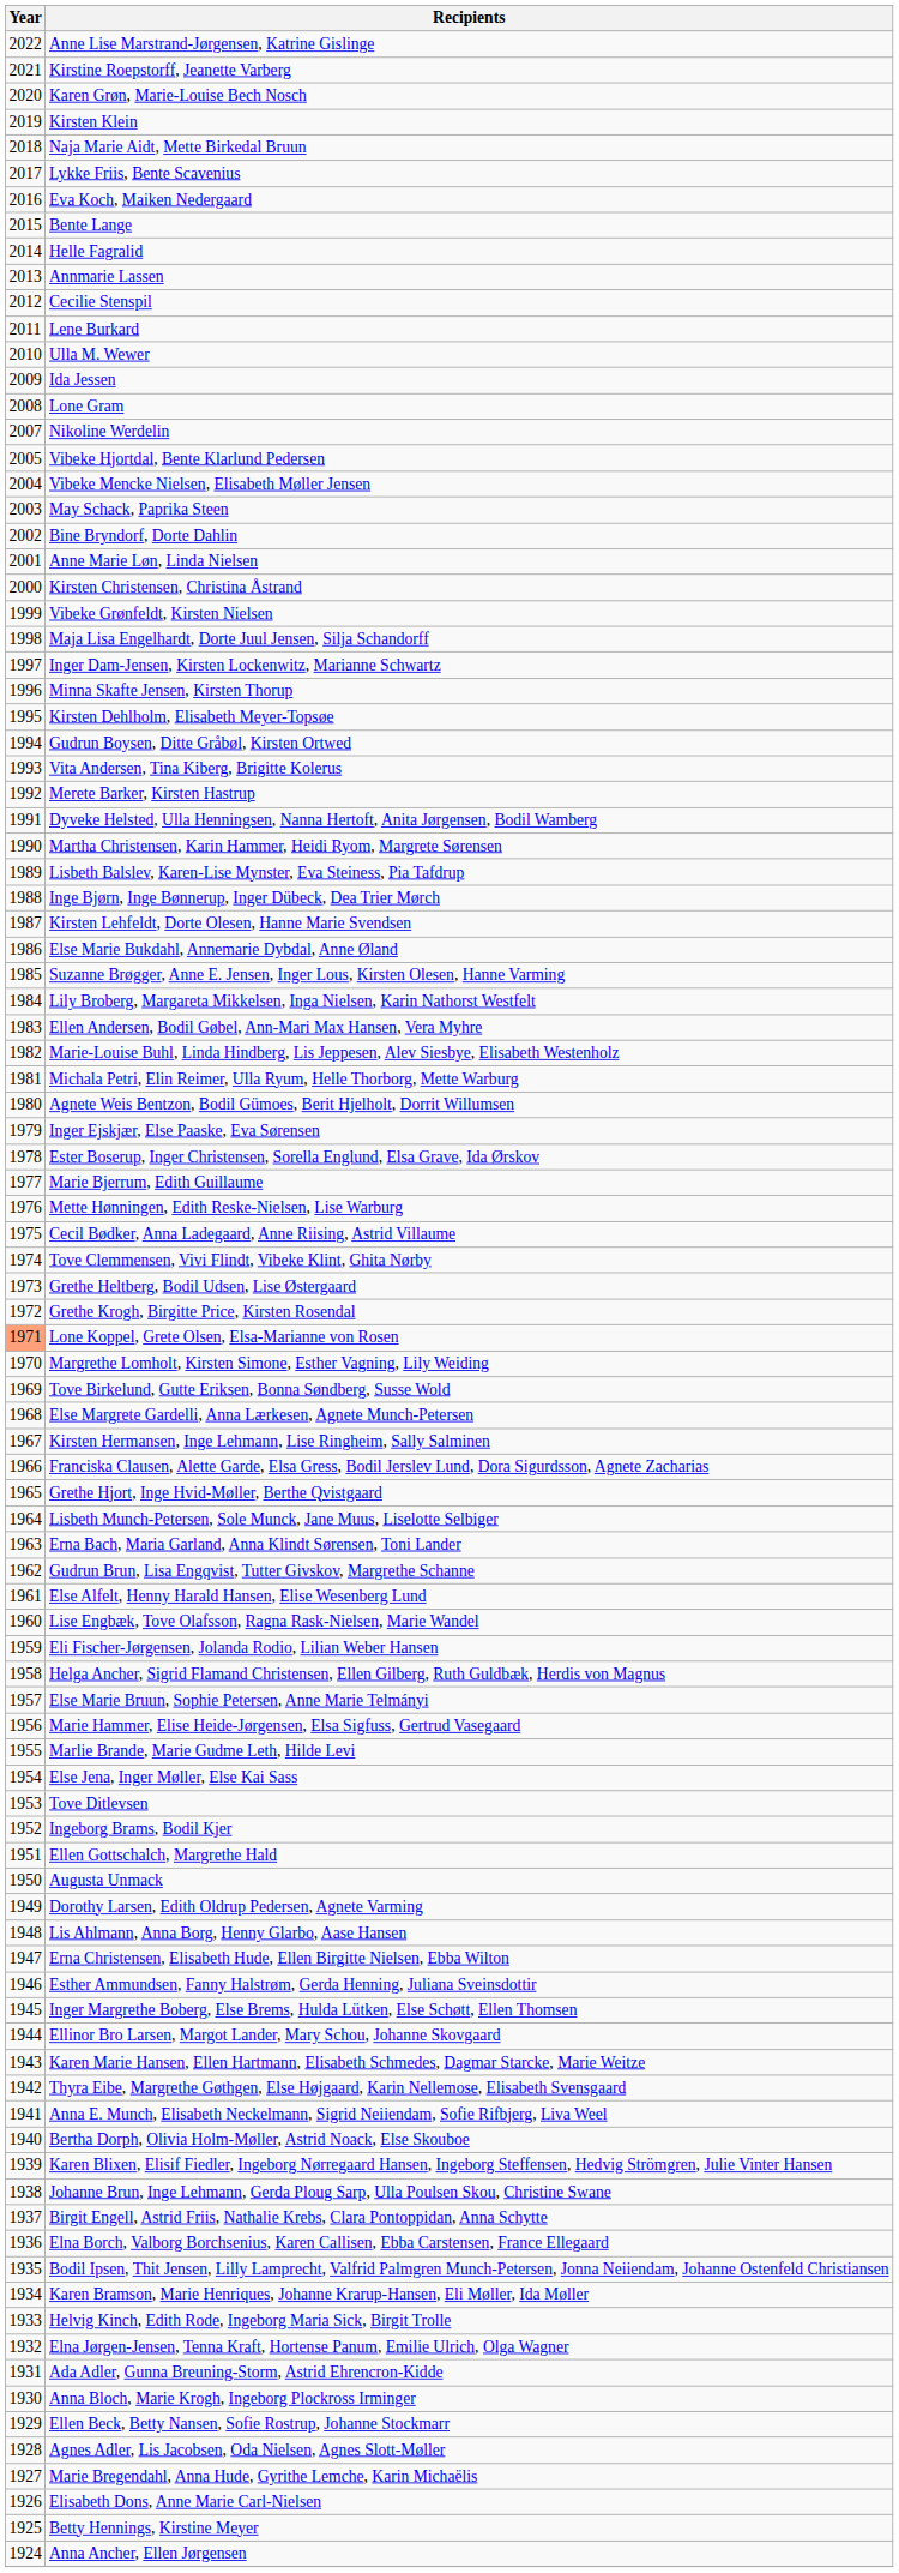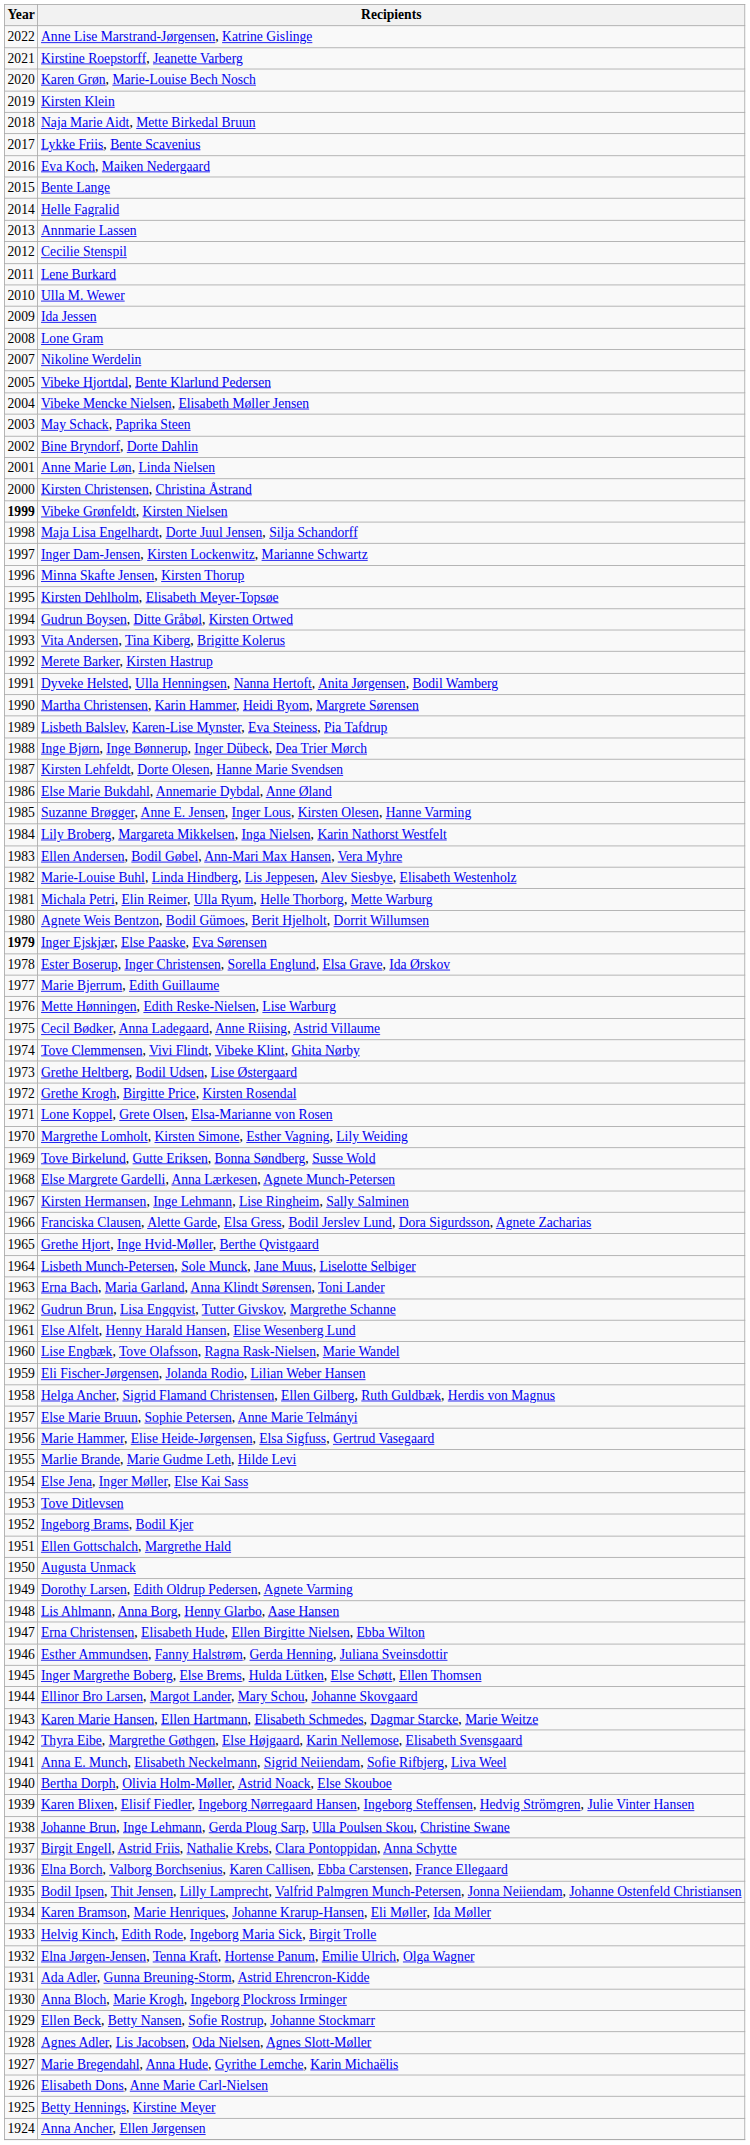 <table class="wikitable">
 <tr>
 <th>Year</th>
 <th>Recipients</th>
 </tr>
 <tr>
 <td>2022</td>
 <td><a href='#'>Anne Lise Marstrand-Jørgensen</a>, <a href='#'>Katrine Gislinge</a></td>
 </tr>
 <tr>
 <td>2021</td>
 <td><a href='#'>Kirstine Roepstorff</a>, <a href='#'>Jeanette Varberg</a></td>
 </tr>
 <tr>
 <td>2020</td>
 <td><a href='#'>Karen Grøn</a>, <a href='#'>Marie-Louise Bech Nosch</a></td>
 </tr>
 <tr>
 <td>2019</td>
 <td><a href='#'>Kirsten Klein</a></td>
 </tr>
 <tr>
 <td>2018</td>
 <td><a href='#'>Naja Marie Aidt</a>, <a href='#'>Mette Birkedal Bruun</a></td>
 </tr>
 <tr>
 <td>2017</td>
 <td><a href='#'>Lykke Friis</a>, <a href='#'>Bente Scavenius</a></td>
 </tr>
 <tr>
 <td>2016</td>
 <td><a href='#'>Eva Koch</a>, <a href='#'>Maiken Nedergaard</a></td>
 </tr>
 <tr>
 <td>2015</td>
 <td><a href='#'>Bente Lange</a></td>
 </tr>
 <tr>
 <td>2014</td>
 <td><a href='#'>Helle Fagralid</a></td>
 </tr>
 <tr>
 <td>2013</td>
 <td><a href='#'>Annmarie Lassen</a></td>
 </tr>
 <tr>
 <td>2012</td>
 <td><a href='#'>Cecilie Stenspil</a></td>
 </tr>
 <tr>
 <td>2011</td>
 <td><a href='#'>Lene Burkard</a></td>
 </tr>
 <tr>
 <td>2010</td>
 <td><a href='#'>Ulla M. Wewer</a></td>
 </tr>
 <tr>
 <td>2009</td>
 <td><a href='#'>Ida Jessen</a></td>
 </tr>
 <tr>
 <td>2008</td>
 <td><a href='#'>Lone Gram</a></td>
 </tr>
 <tr>
 <td>2007</td>
 <td><a href='#'>Nikoline Werdelin</a></td>
 </tr>
 <tr>
 <td>2005</td>
 <td><a href='#'>Vibeke Hjortdal</a>, <a href='#'>Bente Klarlund Pedersen</a></td>
 </tr>
 <tr>
 <td>2004</td>
 <td><a href='#'>Vibeke Mencke Nielsen</a>, <a href='#'>Elisabeth Møller Jensen</a></td>
 </tr>
 <tr>
 <td>2003</td>
 <td><a href='#'>May Schack</a>, <a href='#'>Paprika Steen</a></td>
 </tr>
 <tr>
 <td>2002</td>
 <td><a href='#'>Bine Bryndorf</a>, <a href='#'>Dorte Dahlin</a></td>
 </tr>
 <tr>
 <td>2001</td>
 <td><a href='#'>Anne Marie Løn</a>, <a href='#'>Linda Nielsen</a></td>
 </tr>
 <tr>
 <td>2000</td>
 <td><a href='#'>Kirsten Christensen</a>, <a href='#'>Christina Åstrand</a></td>
 </tr>
 <tr>
-<td>1999</td>
+<td><strong>1999</strong></td>
 <td><a href='#'>Vibeke Grønfeldt</a>, <a href='#'>Kirsten Nielsen</a></td>
 </tr>
 <tr>
 <td>1998</td>
 <td><a href='#'>Maja Lisa Engelhardt</a>, <a href='#'>Dorte Juul Jensen</a>, <a href='#'>Silja Schandorff</a></td>
 </tr>
 <tr>
 <td>1997</td>
 <td><a href='#'>Inger Dam-Jensen</a>, <a href='#'>Kirsten Lockenwitz</a>, <a href='#'>Marianne Schwartz</a></td>
 </tr>
 <tr>
 <td>1996</td>
 <td><a href='#'>Minna Skafte Jensen</a>, <a href='#'>Kirsten Thorup</a></td>
 </tr>
 <tr>
 <td>1995</td>
 <td><a href='#'>Kirsten Dehlholm</a>, <a href='#'>Elisabeth Meyer-Topsøe</a></td>
 </tr>
 <tr>
 <td>1994</td>
 <td><a href='#'>Gudrun Boysen</a>, <a href='#'>Ditte Gråbøl</a>, <a href='#'>Kirsten Ortwed</a></td>
 </tr>
 <tr>
 <td>1993</td>
 <td><a href='#'>Vita Andersen</a>, <a href='#'>Tina Kiberg</a>, <a href='#'>Brigitte Kolerus</a></td>
 </tr>
 <tr>
 <td>1992</td>
 <td><a href='#'>Merete Barker</a>, <a href='#'>Kirsten Hastrup</a></td>
 </tr>
 <tr>
 <td>1991</td>
 <td><a href='#'>Dyveke Helsted</a>, <a href='#'>Ulla Henningsen</a>, <a href='#'>Nanna Hertoft</a>, <a href='#'>Anita Jørgensen</a>, <a href='#'>Bodil Wamberg</a></td>
 </tr>
 <tr>
 <td>1990</td>
 <td><a href='#'>Martha Christensen</a>, <a href='#'>Karin Hammer</a>, <a href='#'>Heidi Ryom</a>, <a href='#'>Margrete Sørensen</a></td>
 </tr>
 <tr>
 <td>1989</td>
 <td><a href='#'>Lisbeth Balslev</a>, <a href='#'>Karen-Lise Mynster</a>, <a href='#'>Eva Steiness</a>, <a href='#'>Pia Tafdrup</a></td>
 </tr>
 <tr>
 <td>1988</td>
 <td><a href='#'>Inge Bjørn</a>, <a href='#'>Inge Bønnerup</a>, <a href='#'>Inger Dübeck</a>, <a href='#'>Dea Trier Mørch</a></td>
 </tr>
 <tr>
 <td>1987</td>
 <td><a href='#'>Kirsten Lehfeldt</a>, <a href='#'>Dorte Olesen</a>, <a href='#'>Hanne Marie Svendsen</a></td>
 </tr>
 <tr>
 <td>1986</td>
 <td><a href='#'>Else Marie Bukdahl</a>, <a href='#'>Annemarie Dybdal</a>, <a href='#'>Anne Øland</a></td>
 </tr>
 <tr>
 <td>1985</td>
 <td><a href='#'>Suzanne Brøgger</a>, <a href='#'>Anne E. Jensen</a>, <a href='#'>Inger Lous</a>, <a href='#'>Kirsten Olesen</a>, <a href='#'>Hanne Varming</a></td>
 </tr>
 <tr>
 <td>1984</td>
 <td><a href='#'>Lily Broberg</a>, <a href='#'>Margareta Mikkelsen</a>, <a href='#'>Inga Nielsen</a>, <a href='#'>Karin Nathorst Westfelt</a></td>
 </tr>
 <tr>
 <td>1983</td>
 <td><a href='#'>Ellen Andersen</a>, <a href='#'>Bodil Gøbel</a>, <a href='#'>Ann-Mari Max Hansen</a>, <a href='#'>Vera Myhre</a></td>
 </tr>
 <tr>
 <td>1982</td>
 <td><a href='#'>Marie-Louise Buhl</a>, <a href='#'>Linda Hindberg</a>, <a href='#'>Lis Jeppesen</a>, <a href='#'>Alev Siesbye</a>, <a href='#'>Elisabeth Westenholz</a></td>
 </tr>
 <tr>
 <td>1981</td>
 <td><a href='#'>Michala Petri</a>, <a href='#'>Elin Reimer</a>, <a href='#'>Ulla Ryum</a>, <a href='#'>Helle Thorborg</a>, <a href='#'>Mette Warburg</a></td>
 </tr>
 <tr>
 <td>1980</td>
 <td><a href='#'>Agnete Weis Bentzon</a>, <a href='#'>Bodil Gümoes</a>, <a href='#'>Berit Hjelholt</a>, <a href='#'>Dorrit Willumsen</a></td>
 </tr>
 <tr>
-<td>1979</td>
+<td><strong>1979</strong></td>
 <td><a href='#'>Inger Ejskjær</a>, <a href='#'>Else Paaske</a>, <a href='#'>Eva Sørensen</a></td>
 </tr>
 <tr>
 <td>1978</td>
 <td><a href='#'>Ester Boserup</a>, <a href='#'>Inger Christensen</a>, <a href='#'>Sorella Englund</a>, <a href='#'>Elsa Grave</a>, <a href='#'>Ida Ørskov</a></td>
 </tr>
 <tr>
 <td>1977</td>
 <td><a href='#'>Marie Bjerrum</a>, <a href='#'>Edith Guillaume</a></td>
 </tr>
 <tr>
 <td>1976</td>
 <td><a href='#'>Mette Hønningen</a>, <a href='#'>Edith Reske-Nielsen</a>, <a href='#'>Lise Warburg</a></td>
 </tr>
 <tr>
 <td>1975</td>
 <td><a href='#'>Cecil Bødker</a>, <a href='#'>Anna Ladegaard</a>, <a href='#'>Anne Riising</a>, <a href='#'>Astrid Villaume</a></td>
 </tr>
 <tr>
 <td>1974</td>
 <td><a href='#'>Tove Clemmensen</a>, <a href='#'>Vivi Flindt</a>, <a href='#'>Vibeke Klint</a>, <a href='#'>Ghita Nørby</a></td>
 </tr>
 <tr>
 <td>1973</td>
 <td><a href='#'>Grethe Heltberg</a>, <a href='#'>Bodil Udsen</a>, <a href='#'>Lise Østergaard</a></td>
 </tr>
 <tr>
 <td>1972</td>
 <td><a href='#'>Grethe Krogh</a>, <a href='#'>Birgitte Price</a>, <a href='#'>Kirsten Rosendal</a></td>
 </tr>
 <tr>
-<td style="background: lightsalmon;">1971</td>
+<td>1971</td>
 <td><a href='#'>Lone Koppel</a>, <a href='#'>Grete Olsen</a>, <a href='#'>Elsa-Marianne von Rosen</a></td>
 </tr>
 <tr>
 <td>1970</td>
 <td><a href='#'>Margrethe Lomholt</a>, <a href='#'>Kirsten Simone</a>, <a href='#'>Esther Vagning</a>, <a href='#'>Lily Weiding</a></td>
 </tr>
 <tr>
 <td>1969</td>
 <td><a href='#'>Tove Birkelund</a>, <a href='#'>Gutte Eriksen</a>, <a href='#'>Bonna Søndberg</a>, <a href='#'>Susse Wold</a></td>
 </tr>
 <tr>
 <td>1968</td>
 <td><a href='#'>Else Margrete Gardelli</a>, <a href='#'>Anna Lærkesen</a>, <a href='#'>Agnete Munch-Petersen</a></td>
 </tr>
 <tr>
 <td>1967</td>
 <td><a href='#'>Kirsten Hermansen</a>, <a href='#'>Inge Lehmann</a>, <a href='#'>Lise Ringheim</a>, <a href='#'>Sally Salminen</a></td>
 </tr>
 <tr>
 <td>1966</td>
 <td><a href='#'>Franciska Clausen</a>, <a href='#'>Alette Garde</a>, <a href='#'>Elsa Gress</a>, <a href='#'>Bodil Jerslev Lund</a>, <a href='#'>Dora Sigurdsson</a>, <a href='#'>Agnete Zacharias</a></td>
 </tr>
 <tr>
 <td>1965</td>
 <td><a href='#'>Grethe Hjort</a>, <a href='#'>Inge Hvid-Møller</a>, <a href='#'>Berthe Qvistgaard</a></td>
 </tr>
 <tr>
 <td>1964</td>
 <td><a href='#'>Lisbeth Munch-Petersen</a>, <a href='#'>Sole Munck</a>, <a href='#'>Jane Muus</a>, <a href='#'>Liselotte Selbiger</a></td>
 </tr>
 <tr>
 <td>1963</td>
 <td><a href='#'>Erna Bach</a>, <a href='#'>Maria Garland</a>, <a href='#'>Anna Klindt Sørensen</a>, <a href='#'>Toni Lander</a></td>
 </tr>
 <tr>
 <td>1962</td>
 <td><a href='#'>Gudrun Brun</a>, <a href='#'>Lisa Engqvist</a>, <a href='#'>Tutter Givskov</a>, <a href='#'>Margrethe Schanne</a></td>
 </tr>
 <tr>
 <td>1961</td>
 <td><a href='#'>Else Alfelt</a>, <a href='#'>Henny Harald Hansen</a>, <a href='#'>Elise Wesenberg Lund</a></td>
 </tr>
 <tr>
 <td>1960</td>
 <td><a href='#'>Lise Engbæk</a>, <a href='#'>Tove Olafsson</a>, <a href='#'>Ragna Rask-Nielsen</a>, <a href='#'>Marie Wandel</a></td>
 </tr>
 <tr>
 <td>1959</td>
 <td><a href='#'>Eli Fischer-Jørgensen</a>, <a href='#'>Jolanda Rodio</a>, <a href='#'>Lilian Weber Hansen</a></td>
 </tr>
 <tr>
 <td>1958</td>
 <td><a href='#'>Helga Ancher</a>, <a href='#'>Sigrid Flamand Christensen</a>, <a href='#'>Ellen Gilberg</a>, <a href='#'>Ruth Guldbæk</a>, <a href='#'>Herdis von Magnus</a></td>
 </tr>
 <tr>
 <td>1957</td>
 <td><a href='#'>Else Marie Bruun</a>, <a href='#'>Sophie Petersen</a>, <a href='#'>Anne Marie Telmányi</a></td>
 </tr>
 <tr>
 <td>1956</td>
 <td><a href='#'>Marie Hammer</a>, <a href='#'>Elise Heide-Jørgensen</a>, <a href='#'>Elsa Sigfuss</a>, <a href='#'>Gertrud Vasegaard</a></td>
 </tr>
 <tr>
 <td>1955</td>
 <td><a href='#'>Marlie Brande</a>, <a href='#'>Marie Gudme Leth</a>, <a href='#'>Hilde Levi</a></td>
 </tr>
 <tr>
 <td>1954</td>
 <td><a href='#'>Else Jena</a>, <a href='#'>Inger Møller</a>, <a href='#'>Else Kai Sass</a></td>
 </tr>
 <tr>
 <td>1953</td>
 <td><a href='#'>Tove Ditlevsen</a></td>
 </tr>
 <tr>
 <td>1952</td>
 <td><a href='#'>Ingeborg Brams</a>, <a href='#'>Bodil Kjer</a></td>
 </tr>
 <tr>
 <td>1951</td>
 <td><a href='#'>Ellen Gottschalch</a>, <a href='#'>Margrethe Hald</a></td>
 </tr>
 <tr>
 <td>1950</td>
 <td><a href='#'>Augusta Unmack</a></td>
 </tr>
 <tr>
 <td>1949</td>
 <td><a href='#'>Dorothy Larsen</a>, <a href='#'>Edith Oldrup Pedersen</a>, <a href='#'>Agnete Varming</a></td>
 </tr>
 <tr>
 <td>1948</td>
 <td><a href='#'>Lis Ahlmann</a>, <a href='#'>Anna Borg</a>, <a href='#'>Henny Glarbo</a>, <a href='#'>Aase Hansen</a></td>
 </tr>
 <tr>
 <td>1947</td>
 <td><a href='#'>Erna Christensen</a>, <a href='#'>Elisabeth Hude</a>, <a href='#'>Ellen Birgitte Nielsen</a>, <a href='#'>Ebba Wilton</a></td>
 </tr>
 <tr>
 <td>1946</td>
 <td><a href='#'>Esther Ammundsen</a>, <a href='#'>Fanny Halstrøm</a>, <a href='#'>Gerda Henning</a>, <a href='#'>Juliana Sveinsdottir</a></td>
 </tr>
 <tr>
 <td>1945</td>
 <td><a href='#'>Inger Margrethe Boberg</a>, <a href='#'>Else Brems</a>, <a href='#'>Hulda Lütken</a>, <a href='#'>Else Schøtt</a>, <a href='#'>Ellen Thomsen</a></td>
 </tr>
 <tr>
 <td>1944</td>
 <td><a href='#'>Ellinor Bro Larsen</a>, <a href='#'>Margot Lander</a>, <a href='#'>Mary Schou</a>, <a href='#'>Johanne Skovgaard</a></td>
 </tr>
 <tr>
 <td>1943</td>
 <td><a href='#'>Karen Marie Hansen</a>, <a href='#'>Ellen Hartmann</a>, <a href='#'>Elisabeth Schmedes</a>, <a href='#'>Dagmar Starcke</a>, <a href='#'>Marie Weitze</a></td>
 </tr>
 <tr>
 <td>1942</td>
 <td><a href='#'>Thyra Eibe</a>, <a href='#'>Margrethe Gøthgen</a>, <a href='#'>Else Højgaard</a>, <a href='#'>Karin Nellemose</a>, <a href='#'>Elisabeth Svensgaard</a></td>
 </tr>
 <tr>
 <td>1941</td>
 <td><a href='#'>Anna E. Munch</a>, <a href='#'>Elisabeth Neckelmann</a>, <a href='#'>Sigrid Neiiendam</a>, <a href='#'>Sofie Rifbjerg</a>, <a href='#'>Liva Weel</a></td>
 </tr>
 <tr>
 <td>1940</td>
 <td><a href='#'>Bertha Dorph</a>, <a href='#'>Olivia Holm-Møller</a>, <a href='#'>Astrid Noack</a>, <a href='#'>Else Skouboe</a></td>
 </tr>
 <tr>
 <td>1939</td>
 <td><a href='#'>Karen Blixen</a>, <a href='#'>Elisif Fiedler</a>, <a href='#'>Ingeborg Nørregaard Hansen</a>, <a href='#'>Ingeborg Steffensen</a>, <a href='#'>Hedvig Strömgren</a>, <a href='#'>Julie Vinter Hansen</a></td>
 </tr>
 <tr>
 <td>1938</td>
 <td><a href='#'>Johanne Brun</a>, <a href='#'>Inge Lehmann</a>, <a href='#'>Gerda Ploug Sarp</a>, <a href='#'>Ulla Poulsen Skou</a>, <a href='#'>Christine Swane</a></td>
 </tr>
 <tr>
 <td>1937</td>
 <td><a href='#'>Birgit Engell</a>, <a href='#'>Astrid Friis</a>, <a href='#'>Nathalie Krebs</a>, <a href='#'>Clara Pontoppidan</a>, <a href='#'>Anna Schytte</a></td>
 </tr>
 <tr>
 <td>1936</td>
 <td><a href='#'>Elna Borch</a>, <a href='#'>Valborg Borchsenius</a>, <a href='#'>Karen Callisen</a>, <a href='#'>Ebba Carstensen</a>, <a href='#'>France Ellegaard</a></td>
 </tr>
 <tr>
 <td>1935</td>
 <td><a href='#'>Bodil Ipsen</a>, <a href='#'>Thit Jensen</a>, <a href='#'>Lilly Lamprecht</a>, <a href='#'>Valfrid Palmgren Munch-Petersen</a>, <a href='#'>Jonna Neiiendam</a>, <a href='#'>Johanne Ostenfeld Christiansen</a></td>
 </tr>
 <tr>
 <td>1934</td>
 <td><a href='#'>Karen Bramson</a>, <a href='#'>Marie Henriques</a>, <a href='#'>Johanne Krarup-Hansen</a>, <a href='#'>Eli Møller</a>, <a href='#'>Ida Møller</a></td>
 </tr>
 <tr>
 <td>1933</td>
 <td><a href='#'>Helvig Kinch</a>, <a href='#'>Edith Rode</a>, <a href='#'>Ingeborg Maria Sick</a>, <a href='#'>Birgit Trolle</a></td>
 </tr>
 <tr>
 <td>1932</td>
 <td><a href='#'>Elna Jørgen-Jensen</a>, <a href='#'>Tenna Kraft</a>, <a href='#'>Hortense Panum</a>, <a href='#'>Emilie Ulrich</a>, <a href='#'>Olga Wagner</a></td>
 </tr>
 <tr>
 <td>1931</td>
 <td><a href='#'>Ada Adler</a>, <a href='#'>Gunna Breuning-Storm</a>, <a href='#'>Astrid Ehrencron-Kidde</a></td>
 </tr>
 <tr>
 <td>1930</td>
 <td><a href='#'>Anna Bloch</a>, <a href='#'>Marie Krogh</a>, <a href='#'>Ingeborg Plockross Irminger</a></td>
 </tr>
 <tr>
 <td>1929</td>
 <td><a href='#'>Ellen Beck</a>, <a href='#'>Betty Nansen</a>, <a href='#'>Sofie Rostrup</a>, <a href='#'>Johanne Stockmarr</a></td>
 </tr>
 <tr>
 <td>1928</td>
 <td><a href='#'>Agnes Adler</a>, <a href='#'>Lis Jacobsen</a>, <a href='#'>Oda Nielsen</a>, <a href='#'>Agnes Slott-Møller</a></td>
 </tr>
 <tr>
 <td>1927</td>
 <td><a href='#'>Marie Bregendahl</a>, <a href='#'>Anna Hude</a>, <a href='#'>Gyrithe Lemche</a>, <a href='#'>Karin Michaëlis</a></td>
 </tr>
 <tr>
 <td>1926</td>
 <td><a href='#'>Elisabeth Dons</a>, <a href='#'>Anne Marie Carl-Nielsen</a></td>
 </tr>
 <tr>
 <td>1925</td>
 <td><a href='#'>Betty Hennings</a>, <a href='#'>Kirstine Meyer</a></td>
 </tr>
 <tr>
 <td>1924</td>
 <td><a href='#'>Anna Ancher</a>, <a href='#'>Ellen Jørgensen</a></td>
 </tr>
 <tr>
 </tr>
 </table>
